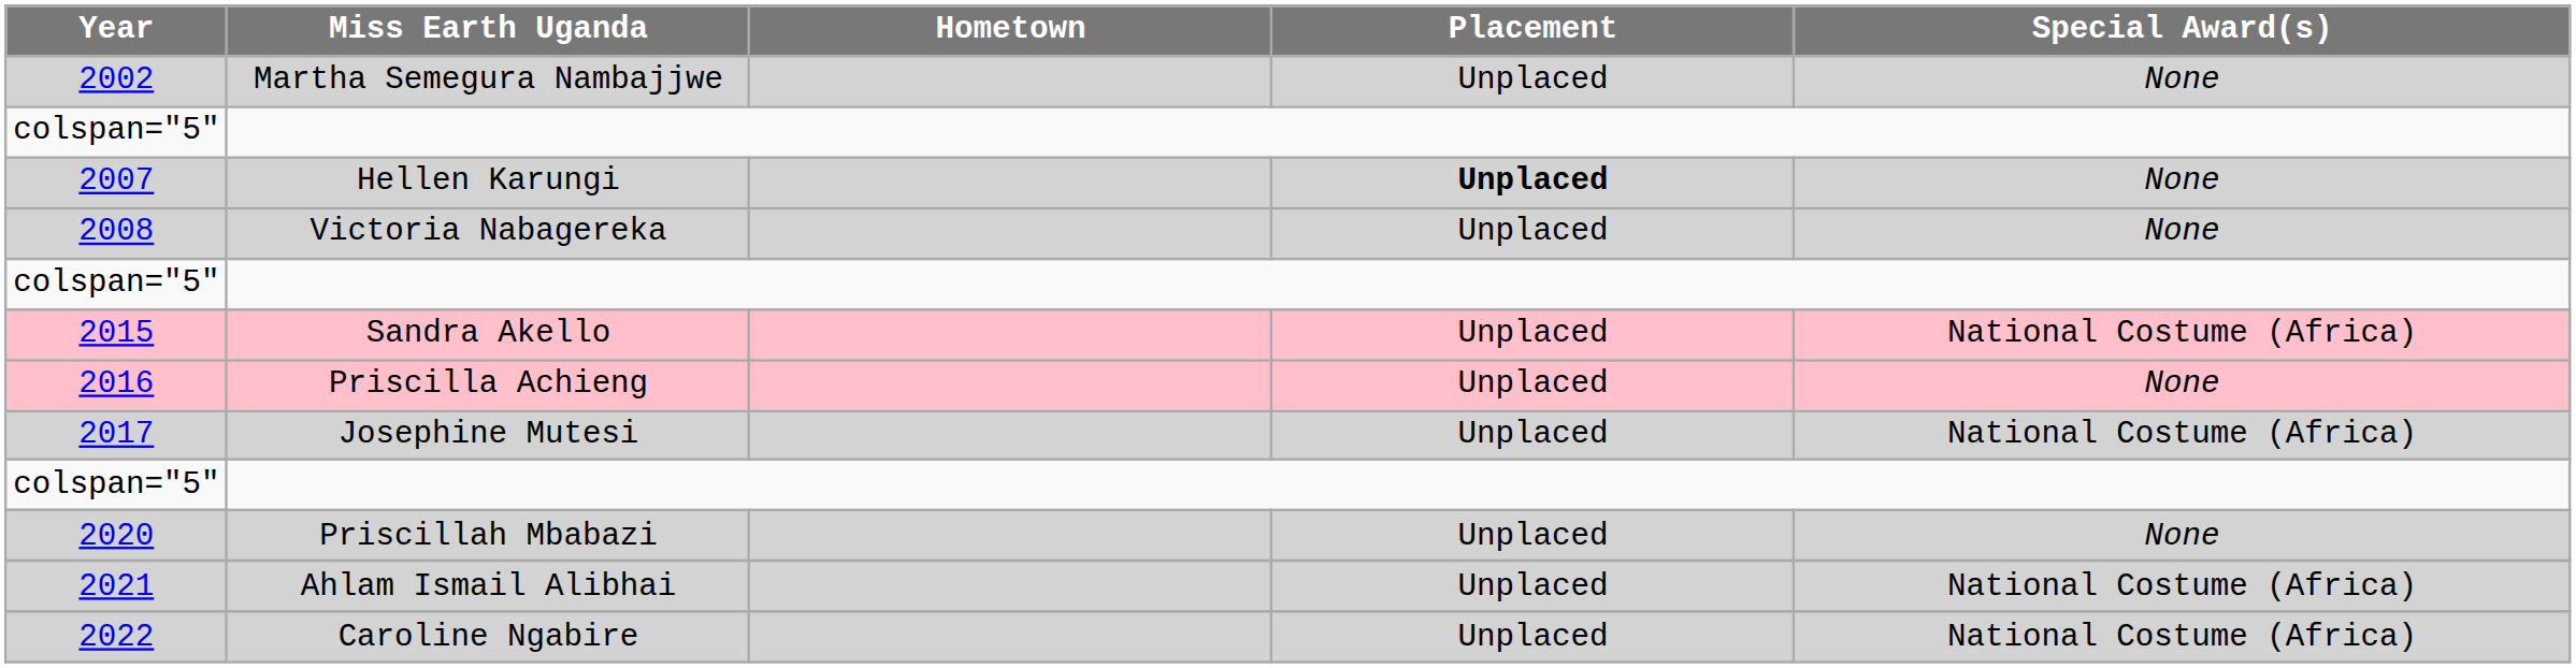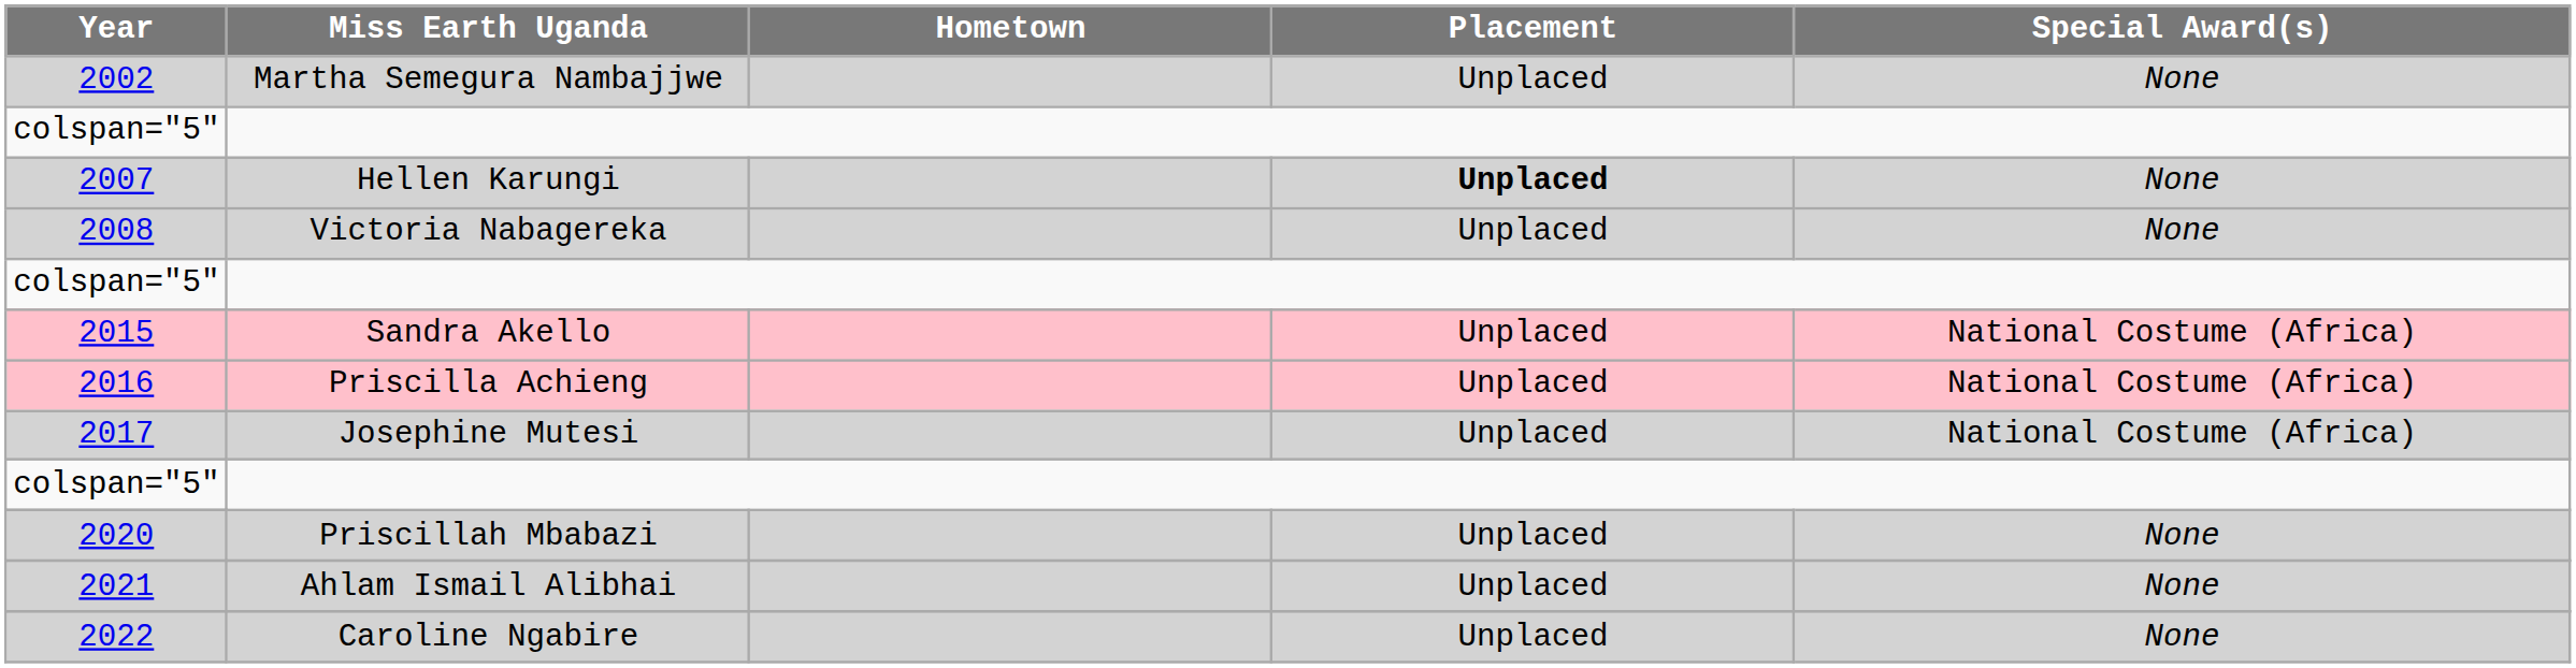 <table class="wikitable sortable" style="font-size: 95%; text-align:center">
 <tr>
 <th width="60" style="background-color:#787878;color:#FFFFFF;">Year</th>
 <th width="200" style="background-color:#787878;color:#FFFFFF;">Miss Earth Uganda</th>
 <th width="200" style="background-color:#787878;color:#FFFFFF;">Hometown</th>
 <th width="200" style="background-color:#787878;color:#FFFFFF;">Placement</th>
 <th width="300" style="background-color:#787878;color:#FFFFFF;">Special Award(s)</th>
 </tr>
 <tr bgcolor="lightgrey">
 <td><a href='#'>2002</a></td>
 <td>Martha Semegura Nambajjwe</td>
 <td></td>
 <td>Unplaced</td>
 <td><em>None</em></td>
 </tr>
 <tr>
 <td>colspan="5" </td>
 </tr>
 <tr bgcolor="lightgrey">
 <td><a href='#'>2007</a></td>
 <td>Hellen Karungi</td>
 <td></td>
 <td><strong>Unplaced</strong></td>
 <td><em>None</em></td>
 </tr>
 <tr bgcolor="lightgrey">
 <td><a href='#'>2008</a></td>
 <td>Victoria Nabagereka</td>
 <td></td>
 <td>Unplaced</td>
 <td><em>None</em></td>
 </tr>
 <tr>
 <td>colspan="5" </td>
 </tr>
 <tr bgcolor="pink">
 <td><a href='#'>2015</a></td>
 <td>Sandra Akello</td>
 <td></td>
 <td>Unplaced</td>
 <td> National Costume (Africa)</td>
 </tr>
 <tr bgcolor="pink">
 <td><a href='#'>2016</a></td>
 <td>Priscilla Achieng</td>
 <td></td>
 <td>Unplaced</td>
-<td><em>None</em></td>
+<td> National Costume (Africa)</td>
 </tr>
 <tr bgcolor="lightgrey">
 <td><a href='#'>2017</a></td>
 <td>Josephine Mutesi</td>
 <td></td>
 <td>Unplaced</td>
 <td> National Costume (Africa)</td>
 </tr>
 <tr>
 <td>colspan="5" </td>
 </tr>
 <tr>
 </tr>
 <tr bgcolor="lightgrey">
 <td><a href='#'>2020</a></td>
 <td>Priscillah Mbabazi</td>
 <td></td>
 <td>Unplaced</td>
 <td><em>None</em></td>
 </tr>
 <tr>
 </tr>
 <tr bgcolor="lightgrey">
 <td><a href='#'>2021</a></td>
 <td>Ahlam Ismail Alibhai</td>
 <td></td>
 <td>Unplaced</td>
-<td> National Costume (Africa)</td>
+<td><em>None</em></td>
 </tr>
 <tr>
 </tr>
 <tr bgcolor="lightgrey">
 <td><a href='#'>2022</a></td>
 <td>Caroline Ngabire</td>
 <td></td>
 <td>Unplaced</td>
-<td> National Costume (Africa)</td>
+<td><em>None</em></td>
 </tr>
 </table>
